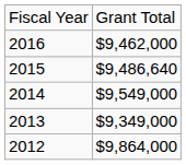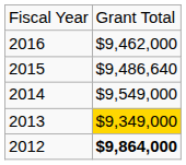 <table class="wikitable">
 <tr>
 <td>Fiscal Year</td>
 <td>Grant Total</td>
 </tr>
 <tr>
 <td>2016</td>
 <td>$9,462,000</td>
 </tr>
 <tr>
 <td>2015</td>
 <td>$9,486,640</td>
 </tr>
 <tr>
 <td>2014</td>
 <td>$9,549,000</td>
 </tr>
 <tr>
 <td>2013</td>
-<td>$9,349,000</td>
+<td style="background: gold;">$9,349,000</td>
 </tr>
 <tr>
 <td>2012</td>
-<td>$9,864,000</td>
+<td><strong>$9,864,000</strong></td>
 </tr>
 </table>
